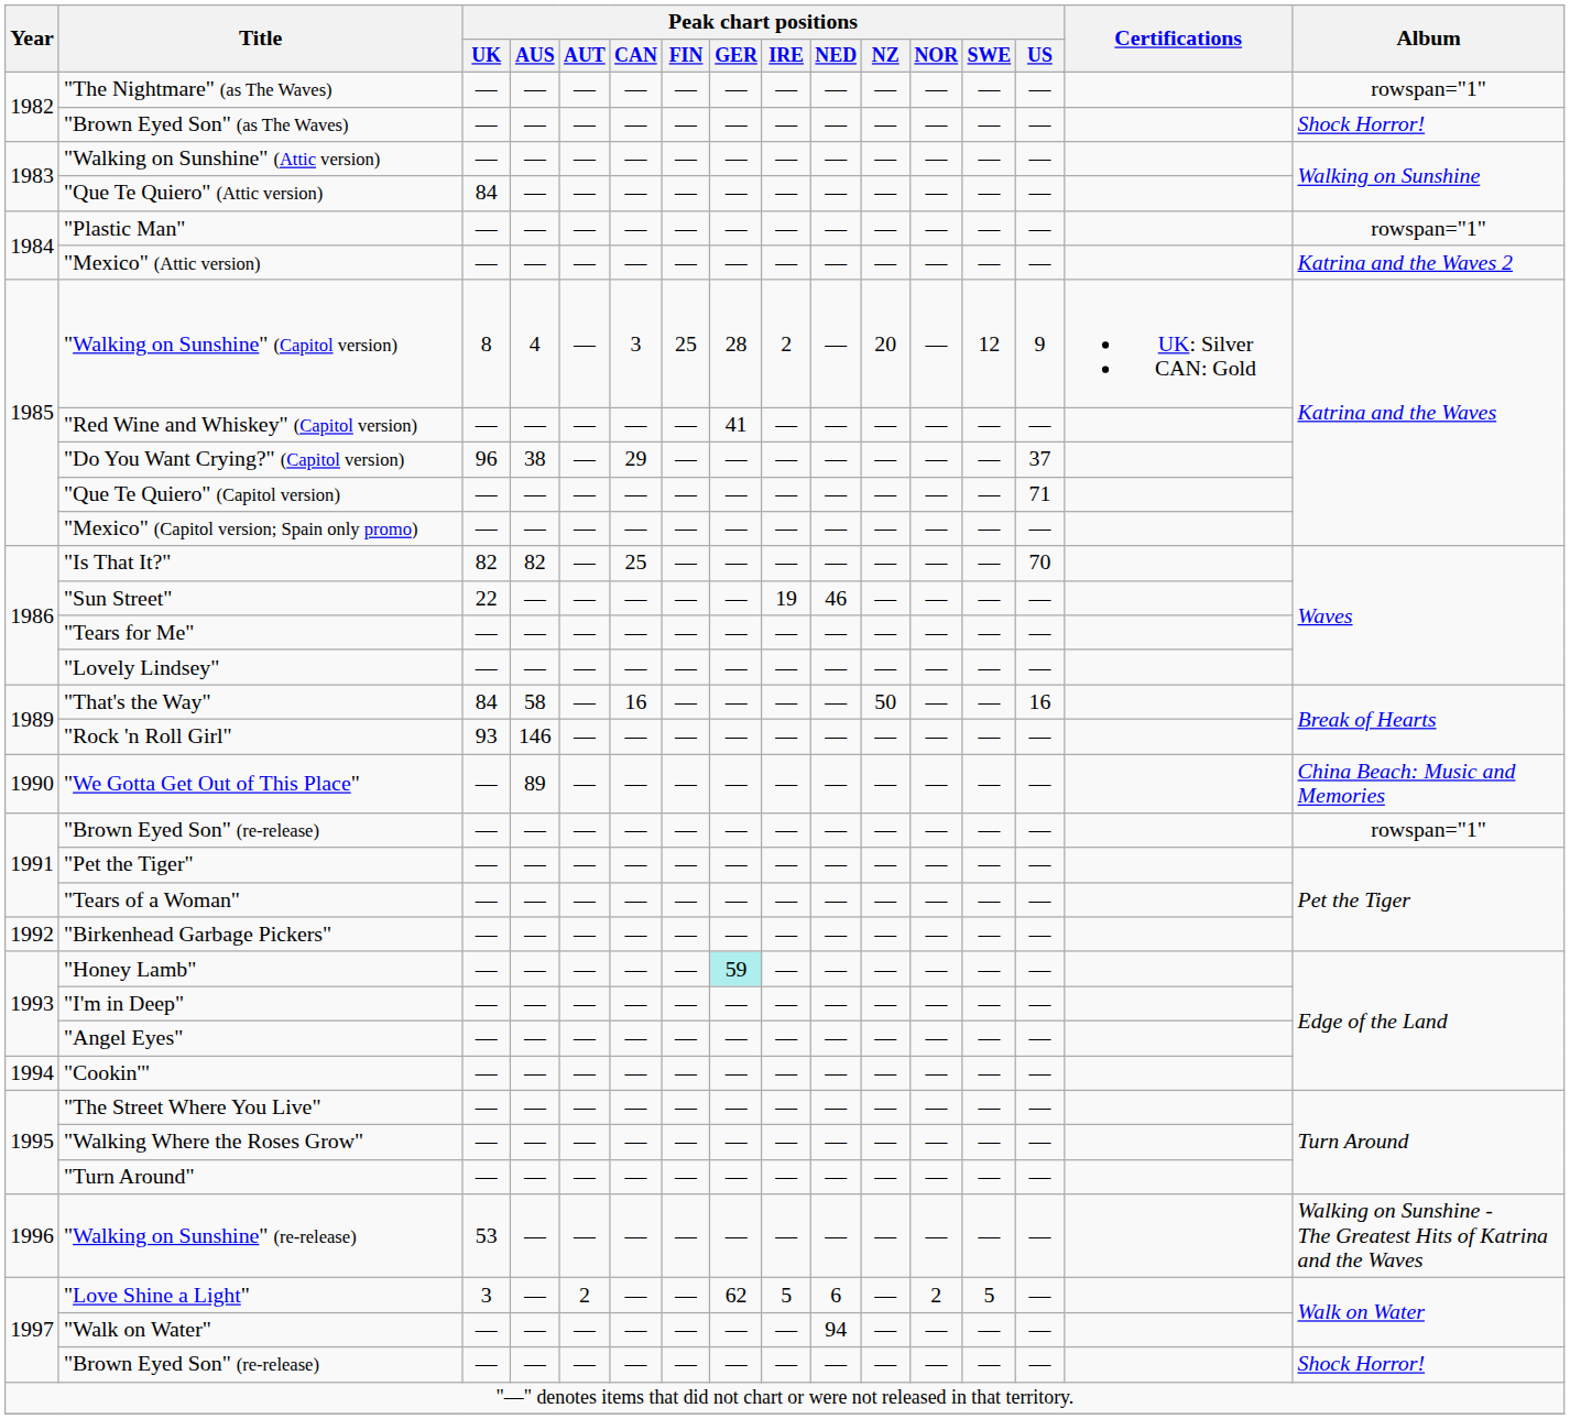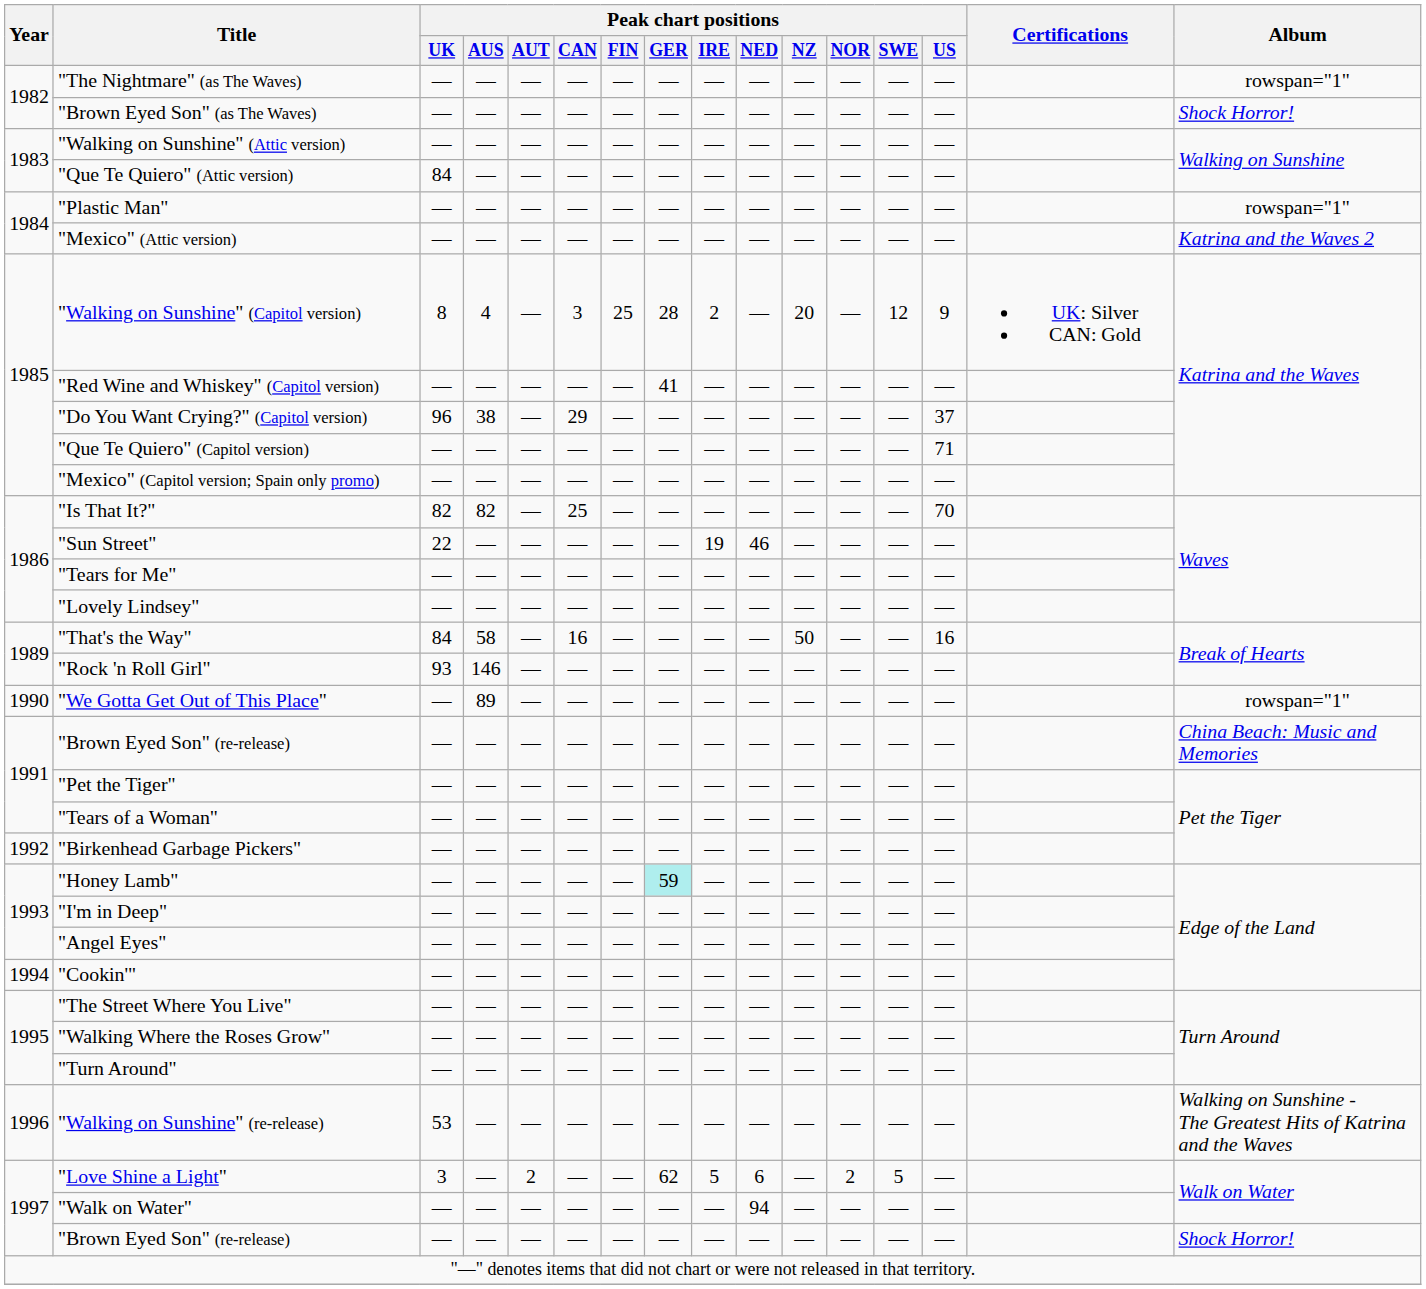 <table class="wikitable" style="text-align:center;">
 <tr>
 <th rowspan="2" style="width:2em;">Year</th>
 <th rowspan="2" style="width:18em;">Title</th>
 <th colspan="12">Peak chart positions</th>
 <th rowspan="2" style="width:10em;"><a href='#'>Certifications</a></th>
 <th rowspan="2" style="width:12em;">Album</th>
 </tr>
 <tr>
 <th style="width:2em;font-size:90%;"><a href='#'>UK</a><br></th>
 <th style="width:2em;font-size:90%;"><a href='#'>AUS</a><br></th>
 <th style="width:2em;font-size:90%;"><a href='#'>AUT</a><br></th>
 <th style="width:2em;font-size:90%;"><a href='#'>CAN</a><br></th>
 <th style="width:2em;font-size:90%;"><a href='#'>FIN</a><br></th>
 <th style="width:2em;font-size:90%;"><a href='#'>GER</a><br></th>
 <th style="width:2em;font-size:90%;"><a href='#'>IRE</a><br></th>
 <th style="width:2em;font-size:90%;"><a href='#'>NED</a><br></th>
 <th style="width:2em;font-size:90%;"><a href='#'>NZ</a><br></th>
 <th style="width:2em;font-size:90%;"><a href='#'>NOR</a><br></th>
 <th style="width:2em;font-size:90%;"><a href='#'>SWE</a><br></th>
 <th style="width:2em;font-size:90%;"><a href='#'>US</a><br></th>
 </tr>
 <tr>
 <td rowspan="2">1982</td>
 <td style="text-align:left;">"The Nightmare" <small>(as The Waves)</small></td>
 <td>—</td>
 <td>—</td>
 <td>—</td>
 <td>—</td>
 <td>—</td>
 <td>—</td>
 <td>—</td>
 <td>—</td>
 <td>—</td>
 <td>—</td>
 <td>—</td>
 <td>—</td>
 <td></td>
 <td>rowspan="1" </td>
 </tr>
 <tr>
 <td style="text-align:left;">"Brown Eyed Son" <small>(as The Waves)</small></td>
 <td>—</td>
 <td>—</td>
 <td>—</td>
 <td>—</td>
 <td>—</td>
 <td>—</td>
 <td>—</td>
 <td>—</td>
 <td>—</td>
 <td>—</td>
 <td>—</td>
 <td>—</td>
 <td></td>
 <td style="text-align:left;"><em><a href='#'>Shock Horror!</a></em></td>
 </tr>
 <tr>
 <td rowspan="2">1983</td>
 <td style="text-align:left;">"Walking on Sunshine" <small>(<a href='#'>Attic</a> version)</small></td>
 <td>—</td>
 <td>—</td>
 <td>—</td>
 <td>—</td>
 <td>—</td>
 <td>—</td>
 <td>—</td>
 <td>—</td>
 <td>—</td>
 <td>—</td>
 <td>—</td>
 <td>—</td>
 <td></td>
 <td style="text-align:left;" rowspan="2"><em><a href='#'>Walking on Sunshine</a></em></td>
 </tr>
 <tr>
 <td style="text-align:left;">"Que Te Quiero" <small>(Attic version)</small></td>
 <td>84</td>
 <td>—</td>
 <td>—</td>
 <td>—</td>
 <td>—</td>
 <td>—</td>
 <td>—</td>
 <td>—</td>
 <td>—</td>
 <td>—</td>
 <td>—</td>
 <td>—</td>
 <td></td>
 </tr>
 <tr>
 <td rowspan="2">1984</td>
 <td style="text-align:left;">"Plastic Man"</td>
 <td>—</td>
 <td>—</td>
 <td>—</td>
 <td>—</td>
 <td>—</td>
 <td>—</td>
 <td>—</td>
 <td>—</td>
 <td>—</td>
 <td>—</td>
 <td>—</td>
 <td>—</td>
 <td></td>
 <td>rowspan="1" </td>
 </tr>
 <tr>
 <td style="text-align:left;">"Mexico" <small>(Attic version)</small></td>
 <td>—</td>
 <td>—</td>
 <td>—</td>
 <td>—</td>
 <td>—</td>
 <td>—</td>
 <td>—</td>
 <td>—</td>
 <td>—</td>
 <td>—</td>
 <td>—</td>
 <td>—</td>
 <td></td>
 <td style="text-align:left;" rowspan="1"><em><a href='#'>Katrina and the Waves 2</a></em></td>
 </tr>
 <tr>
 <td rowspan="5">1985</td>
 <td style="text-align:left;">"<a href='#'>Walking on Sunshine</a>" <small>(<a href='#'>Capitol</a> version)</small></td>
 <td>8</td>
 <td>4</td>
 <td>—</td>
 <td>3</td>
 <td>25</td>
 <td>28</td>
 <td>2</td>
 <td>—</td>
 <td>20</td>
 <td>—</td>
 <td>12</td>
 <td>9</td>
 <td><br><ul><li><a href='#'>UK</a>: Silver</li><li>CAN: Gold</li></ul></td>
 <td style="text-align:left;" rowspan="5"><em><a href='#'>Katrina and the Waves</a></em></td>
 </tr>
 <tr>
 <td style="text-align:left;">"Red Wine and Whiskey" <small>(<a href='#'>Capitol</a> version)</small></td>
 <td>—</td>
 <td>—</td>
 <td>—</td>
 <td>—</td>
 <td>—</td>
 <td>41</td>
 <td>—</td>
 <td>—</td>
 <td>—</td>
 <td>—</td>
 <td>—</td>
 <td>—</td>
 <td></td>
 </tr>
 <tr>
 <td style="text-align:left;">"Do You Want Crying?" <small>(<a href='#'>Capitol</a> version)</small></td>
 <td>96</td>
 <td>38</td>
 <td>—</td>
 <td>29</td>
 <td>—</td>
 <td>—</td>
 <td>—</td>
 <td>—</td>
 <td>—</td>
 <td>—</td>
 <td>—</td>
 <td>37</td>
 <td></td>
 </tr>
 <tr>
 <td style="text-align:left;">"Que Te Quiero" <small>(Capitol version)</small></td>
 <td>—</td>
 <td>—</td>
 <td>—</td>
 <td>—</td>
 <td>—</td>
 <td>—</td>
 <td>—</td>
 <td>—</td>
 <td>—</td>
 <td>—</td>
 <td>—</td>
 <td>71</td>
 <td></td>
 </tr>
 <tr>
 <td style="text-align:left;">"Mexico" <small>(Capitol version; Spain only <a href='#'>promo</a>)</small></td>
 <td>—</td>
 <td>—</td>
 <td>—</td>
 <td>—</td>
 <td>—</td>
 <td>—</td>
 <td>—</td>
 <td>—</td>
 <td>—</td>
 <td>—</td>
 <td>—</td>
 <td>—</td>
 <td></td>
 </tr>
 <tr>
 <td rowspan="4">1986</td>
 <td style="text-align:left;">"Is That It?"</td>
 <td>82</td>
 <td>82</td>
 <td>—</td>
 <td>25</td>
 <td>—</td>
 <td>—</td>
 <td>—</td>
 <td>—</td>
 <td>—</td>
 <td>—</td>
 <td>—</td>
 <td>70</td>
 <td></td>
 <td style="text-align:left;" rowspan="4"><em><a href='#'>Waves</a></em></td>
 </tr>
 <tr>
 <td style="text-align:left;">"Sun Street"</td>
 <td>22</td>
 <td>—</td>
 <td>—</td>
 <td>—</td>
 <td>—</td>
 <td>—</td>
 <td>19</td>
 <td>46</td>
 <td>—</td>
 <td>—</td>
 <td>—</td>
 <td>—</td>
 <td></td>
 </tr>
 <tr>
 <td style="text-align:left;">"Tears for Me"</td>
 <td>—</td>
 <td>—</td>
 <td>—</td>
 <td>—</td>
 <td>—</td>
 <td>—</td>
 <td>—</td>
 <td>—</td>
 <td>—</td>
 <td>—</td>
 <td>—</td>
 <td>—</td>
 <td></td>
 </tr>
 <tr>
 <td style="text-align:left;">"Lovely Lindsey"</td>
 <td>—</td>
 <td>—</td>
 <td>—</td>
 <td>—</td>
 <td>—</td>
 <td>—</td>
 <td>—</td>
 <td>—</td>
 <td>—</td>
 <td>—</td>
 <td>—</td>
 <td>—</td>
 <td></td>
 </tr>
 <tr>
 <td rowspan="2">1989</td>
 <td style="text-align:left;">"That's the Way"</td>
 <td>84</td>
 <td>58</td>
 <td>—</td>
 <td>16</td>
 <td>—</td>
 <td>—</td>
 <td>—</td>
 <td>—</td>
 <td>50</td>
 <td>—</td>
 <td>—</td>
 <td>16</td>
 <td></td>
 <td style="text-align:left;" rowspan="2"><em><a href='#'>Break of Hearts</a></em></td>
 </tr>
 <tr>
 <td style="text-align:left;">"Rock 'n Roll Girl"</td>
 <td>93</td>
 <td>146</td>
 <td>—</td>
 <td>—</td>
 <td>—</td>
 <td>—</td>
 <td>—</td>
 <td>—</td>
 <td>—</td>
 <td>—</td>
 <td>—</td>
 <td>—</td>
 <td></td>
 </tr>
 <tr>
 <td>1990</td>
 <td style="text-align:left;">"<a href='#'>We Gotta Get Out of This Place</a>" </td>
 <td>—</td>
 <td>89</td>
 <td>—</td>
 <td>—</td>
 <td>—</td>
 <td>—</td>
 <td>—</td>
 <td>—</td>
 <td>—</td>
 <td>—</td>
 <td>—</td>
 <td>—</td>
 <td></td>
-<td style="text-align:left;"><em><a href='#'>China Beach: Music and Memories</a></em></td>
+<td>rowspan="1" </td>
 </tr>
 <tr>
 <td rowspan="3">1991</td>
 <td style="text-align:left;">"Brown Eyed Son" <small>(re-release)</small></td>
 <td>—</td>
 <td>—</td>
 <td>—</td>
 <td>—</td>
 <td>—</td>
 <td>—</td>
 <td>—</td>
 <td>—</td>
 <td>—</td>
 <td>—</td>
 <td>—</td>
 <td>—</td>
 <td></td>
-<td>rowspan="1" </td>
+<td style="text-align:left;"><em><a href='#'>China Beach: Music and Memories</a></em></td>
 </tr>
 <tr>
 <td style="text-align:left;">"Pet the Tiger"</td>
 <td>—</td>
 <td>—</td>
 <td>—</td>
 <td>—</td>
 <td>—</td>
 <td>—</td>
 <td>—</td>
 <td>—</td>
 <td>—</td>
 <td>—</td>
 <td>—</td>
 <td>—</td>
 <td></td>
 <td style="text-align:left;" rowspan="3"><em>Pet the Tiger</em></td>
 </tr>
 <tr>
 <td style="text-align:left;">"Tears of a Woman"</td>
 <td>—</td>
 <td>—</td>
 <td>—</td>
 <td>—</td>
 <td>—</td>
 <td>—</td>
 <td>—</td>
 <td>—</td>
 <td>—</td>
 <td>—</td>
 <td>—</td>
 <td>—</td>
 <td></td>
 </tr>
 <tr>
 <td>1992</td>
 <td style="text-align:left;">"Birkenhead Garbage Pickers"</td>
 <td>—</td>
 <td>—</td>
 <td>—</td>
 <td>—</td>
 <td>—</td>
 <td>—</td>
 <td>—</td>
 <td>—</td>
 <td>—</td>
 <td>—</td>
 <td>—</td>
 <td>—</td>
 <td></td>
 </tr>
 <tr>
 <td rowspan="3">1993</td>
 <td style="text-align:left;">"Honey Lamb"</td>
 <td>—</td>
 <td>—</td>
 <td>—</td>
 <td>—</td>
 <td>—</td>
 <td style="background: paleturquoise;">59</td>
 <td>—</td>
 <td>—</td>
 <td>—</td>
 <td>—</td>
 <td>—</td>
 <td>—</td>
 <td></td>
 <td style="text-align:left;" rowspan="4"><em>Edge of the Land</em></td>
 </tr>
 <tr>
 <td style="text-align:left;">"I'm in Deep"</td>
 <td>—</td>
 <td>—</td>
 <td>—</td>
 <td>—</td>
 <td>—</td>
 <td>—</td>
 <td>—</td>
 <td>—</td>
 <td>—</td>
 <td>—</td>
 <td>—</td>
 <td>—</td>
 <td></td>
 </tr>
 <tr>
 <td style="text-align:left;">"Angel Eyes"</td>
 <td>—</td>
 <td>—</td>
 <td>—</td>
 <td>—</td>
 <td>—</td>
 <td>—</td>
 <td>—</td>
 <td>—</td>
 <td>—</td>
 <td>—</td>
 <td>—</td>
 <td>—</td>
 <td></td>
 </tr>
 <tr>
 <td rowspan="1">1994</td>
 <td style="text-align:left;">"Cookin'"</td>
 <td>—</td>
 <td>—</td>
 <td>—</td>
 <td>—</td>
 <td>—</td>
 <td>—</td>
 <td>—</td>
 <td>—</td>
 <td>—</td>
 <td>—</td>
 <td>—</td>
 <td>—</td>
 <td></td>
 </tr>
 <tr>
 <td rowspan="3">1995</td>
 <td style="text-align:left;">"The Street Where You Live"</td>
 <td>—</td>
 <td>—</td>
 <td>—</td>
 <td>—</td>
 <td>—</td>
 <td>—</td>
 <td>—</td>
 <td>—</td>
 <td>—</td>
 <td>—</td>
 <td>—</td>
 <td>—</td>
 <td></td>
 <td style="text-align:left;" rowspan="3"><em>Turn Around</em></td>
 </tr>
 <tr>
 <td style="text-align:left;">"Walking Where the Roses Grow"</td>
 <td>—</td>
 <td>—</td>
 <td>—</td>
 <td>—</td>
 <td>—</td>
 <td>—</td>
 <td>—</td>
 <td>—</td>
 <td>—</td>
 <td>—</td>
 <td>—</td>
 <td>—</td>
 <td></td>
 </tr>
 <tr>
 <td style="text-align:left;">"Turn Around"</td>
 <td>—</td>
 <td>—</td>
 <td>—</td>
 <td>—</td>
 <td>—</td>
 <td>—</td>
 <td>—</td>
 <td>—</td>
 <td>—</td>
 <td>—</td>
 <td>—</td>
 <td>—</td>
 <td></td>
 </tr>
 <tr>
 <td rowspan="1">1996</td>
 <td style="text-align:left;">"<a href='#'>Walking on Sunshine</a>" <small>(re-release)</small></td>
 <td>53</td>
 <td>—</td>
 <td>—</td>
 <td>—</td>
 <td>—</td>
 <td>—</td>
 <td>—</td>
 <td>—</td>
 <td>—</td>
 <td>—</td>
 <td>—</td>
 <td>—</td>
 <td></td>
 <td style="text-align:left;"><em>Walking on Sunshine - <br>The Greatest Hits of Katrina and the Waves</em></td>
 </tr>
 <tr>
 <td rowspan="3">1997</td>
 <td style="text-align:left;">"<a href='#'>Love Shine a Light</a>"</td>
 <td>3</td>
 <td>—</td>
 <td>2</td>
 <td>—</td>
 <td>—</td>
 <td>62</td>
 <td>5</td>
 <td>6</td>
 <td>—</td>
 <td>2</td>
 <td>5</td>
 <td>—</td>
 <td></td>
 <td style="text-align:left;" rowspan="2"><em><a href='#'>Walk on Water</a></em></td>
 </tr>
 <tr>
 <td style="text-align:left;">"Walk on Water"</td>
 <td>—</td>
 <td>—</td>
 <td>—</td>
 <td>—</td>
 <td>—</td>
 <td>—</td>
 <td>—</td>
 <td>94</td>
 <td>—</td>
 <td>—</td>
 <td>—</td>
 <td>—</td>
 <td></td>
 </tr>
 <tr>
 <td style="text-align:left;">"Brown Eyed Son" <small>(re-release)</small></td>
 <td>—</td>
 <td>—</td>
 <td>—</td>
 <td>—</td>
 <td>—</td>
 <td>—</td>
 <td>—</td>
 <td>—</td>
 <td>—</td>
 <td>—</td>
 <td>—</td>
 <td>—</td>
 <td></td>
 <td style="text-align:left;"><em><a href='#'>Shock Horror!</a></em></td>
 </tr>
 <tr>
 <td colspan="16" style="font-size:90%">"—" denotes items that did not chart or were not released in that territory.</td>
 </tr>
 <tr>
 </tr>
 </table>
